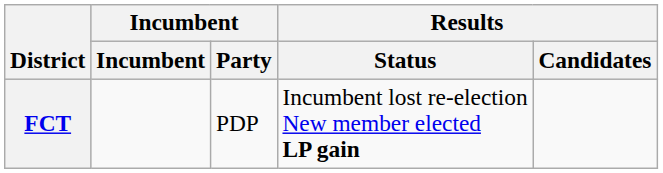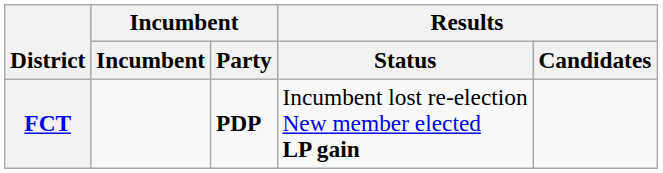 <table class="wikitable sortable">
 <tr valign=bottom>
 <th rowspan=2>District</th>
 <th colspan=2>Incumbent</th>
 <th colspan=2>Results</th>
 </tr>
 <tr valign=bottom>
 <th>Incumbent</th>
 <th>Party</th>
 <th>Status</th>
 <th>Candidates</th>
 </tr>
 <tr>
 <th><a href='#'>FCT</a></th>
 <td></td>
-<td>PDP</td>
+<td><strong>PDP</strong></td>
 <td>Incumbent lost re-election<br><a href='#'>New member elected</a><br><strong>LP gain</strong></td>
 <td nowrap></td>
 </tr>
 </table>
